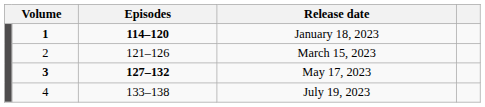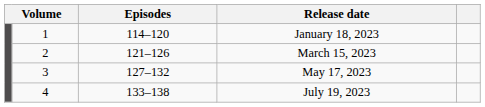 <table class="wikitable" style="text-align:center; width: 70%;">
 <tr>
 <th colspan="2" width="15%">Volume</th>
 <th>Episodes</th>
 <th>Release date</th>
 <th width="5%"></th>
 </tr>
 <tr>
 <td rowspan="4" width="1%" style="background: #4F4D4E"></td>
-<td><strong>1</strong></td>
-<td><strong>114–120</strong></td>
+<td>1</td>
+<td>114–120</td>
 <td>January 18, 2023</td>
 <td></td>
 </tr>
 <tr>
 <td>2</td>
 <td>121–126</td>
 <td>March 15, 2023</td>
 <td></td>
 </tr>
 <tr>
-<td><strong>3</strong></td>
-<td><strong>127–132</strong></td>
+<td>3</td>
+<td>127–132</td>
 <td>May 17, 2023</td>
 <td></td>
 </tr>
 <tr>
 <td>4</td>
 <td>133–138</td>
 <td>July 19, 2023</td>
 <td></td>
 </tr>
 </table>
